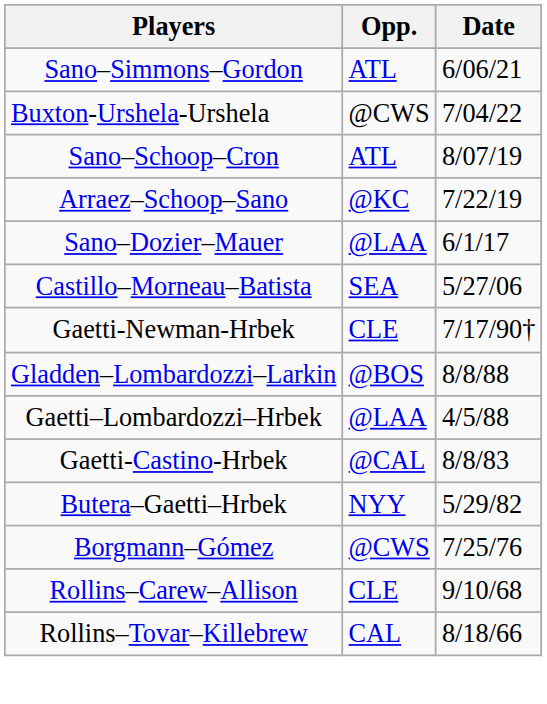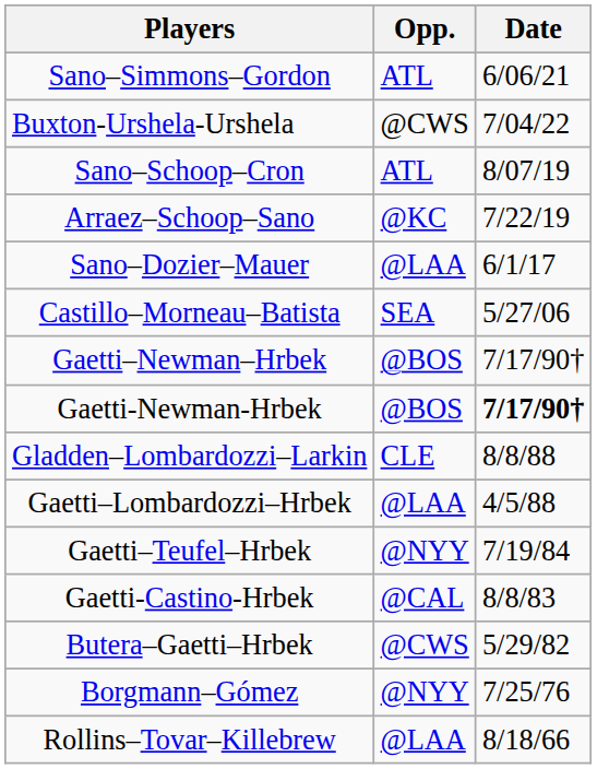 <table class="wikitable" style="font-size: 95%; text-align:left;">
 <tr>
 <th>Players</th>
 <th>Opp.</th>
 <th>Date</th>
 </tr>
 <tr>
 <td align="center"><a href='#'>Sano</a>–<a href='#'>Simmons</a>–<a href='#'>Gordon</a></td>
 <td><a href='#'>ATL</a></td>
 <td>6/06/21</td>
 </tr>
 <tr>
 <td><a href='#'>Buxton</a>-<a href='#'>Urshela</a>-Urshela</td>
 <td>@CWS</td>
 <td>7/04/22</td>
 </tr>
 <tr>
 <td align="center"><a href='#'>Sano</a>–<a href='#'>Schoop</a>–<a href='#'>Cron</a></td>
 <td><a href='#'>ATL</a></td>
 <td>8/07/19</td>
 </tr>
 <tr>
 <td align="center"><a href='#'>Arraez</a>–<a href='#'>Schoop</a>–<a href='#'>Sano</a></td>
 <td><a href='#'>@KC</a></td>
 <td>7/22/19</td>
 </tr>
 <tr>
 <td align="center"><a href='#'>Sano</a>–<a href='#'>Dozier</a>–<a href='#'>Mauer</a></td>
 <td><a href='#'>@LAA</a></td>
 <td>6/1/17</td>
 </tr>
 <tr>
 <td align="center"><a href='#'>Castillo</a>–<a href='#'>Morneau</a>–<a href='#'>Batista</a></td>
 <td><a href='#'>SEA</a></td>
 <td>5/27/06</td>
 </tr>
 <tr>
-<td align="center">Gaetti-Newman-Hrbek</td>
-<td><a href='#'>CLE</a></td>
+<td align="center"><a href='#'>Gaetti</a>–<a href='#'>Newman</a>–<a href='#'>Hrbek</a></td>
+<td><a href='#'>@BOS</a></td>
 <td>7/17/90†</td>
 </tr>
 <tr>
+<td align="center">Gaetti-Newman-Hrbek</td>
+<td><a href='#'>@BOS</a></td>
+<td><strong>7/17/90†</strong></td>
+</tr>
+<tr>
 <td align="center"><a href='#'>Gladden</a>–<a href='#'>Lombardozzi</a>–<a href='#'>Larkin</a></td>
-<td><a href='#'>@BOS</a></td>
+<td><a href='#'>CLE</a></td>
 <td>8/8/88</td>
 </tr>
 <tr>
 <td align="center">Gaetti–Lombardozzi–Hrbek</td>
 <td><a href='#'>@LAA</a></td>
 <td>4/5/88</td>
 </tr>
 <tr>
+<td align="center">Gaetti–<a href='#'>Teufel</a>–Hrbek</td>
+<td><a href='#'>@NYY</a></td>
+<td>7/19/84</td>
+</tr>
+<tr>
 <td align="center">Gaetti-<a href='#'>Castino</a>-Hrbek</td>
 <td><a href='#'>@CAL</a></td>
 <td>8/8/83</td>
 </tr>
 <tr>
 <td align="center"><a href='#'>Butera</a>–Gaetti–Hrbek</td>
-<td><a href='#'>NYY</a></td>
+<td><a href='#'>@CWS</a></td>
 <td>5/29/82</td>
 </tr>
 <tr>
 <td align="center"><a href='#'>Borgmann</a>–<a href='#'>Gómez</a></td>
-<td><a href='#'>@CWS</a></td>
+<td><a href='#'>@NYY</a></td>
 <td>7/25/76</td>
 </tr>
 <tr>
-<td align="center"><a href='#'>Rollins</a>–<a href='#'>Carew</a>–<a href='#'>Allison</a></td>
-<td><a href='#'>CLE</a></td>
-<td>9/10/68</td>
-</tr>
-<tr>
 <td align="center">Rollins–<a href='#'>Tovar</a>–<a href='#'>Killebrew</a></td>
-<td><a href='#'>CAL</a></td>
+<td><a href='#'>@LAA</a></td>
 <td>8/18/66</td>
 </tr>
 </table>
